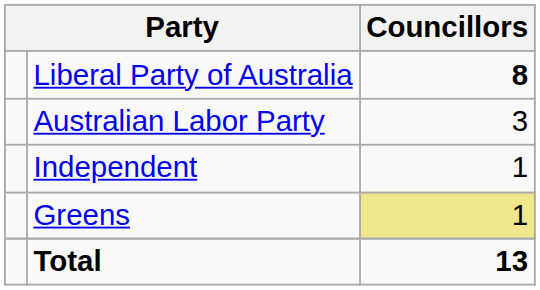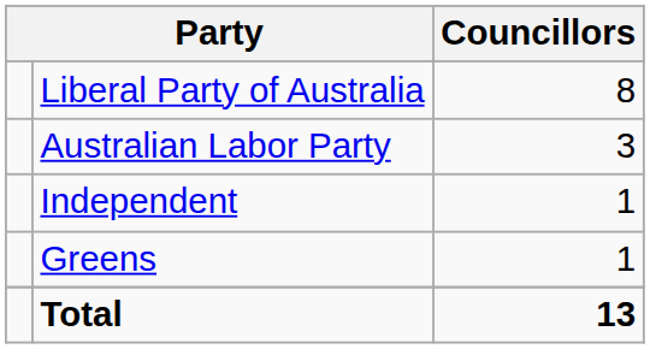 <table class="wikitable">
 <tr>
 <th colspan="2">Party</th>
 <th>Councillors</th>
 </tr>
 <tr>
 <td> </td>
 <td><a href='#'>Liberal Party of Australia</a></td>
-<td align=right><strong>8</strong></td>
+<td align=right>8</td>
 </tr>
 <tr>
 <td> </td>
 <td><a href='#'>Australian Labor Party</a></td>
 <td align=right>3</td>
 </tr>
 <tr>
 <td> </td>
 <td><a href='#'>Independent</a></td>
 <td align=right>1</td>
 </tr>
 <tr>
 <td> </td>
 <td><a href='#'>Greens</a></td>
-<td align=right style="background: khaki;">1</td>
+<td align=right>1</td>
 </tr>
 <tr>
 </tr>
 <tr>
 <td></td>
 <td><strong>Total</strong></td>
 <td align="right"><strong>13</strong></td>
 </tr>
 </table>
